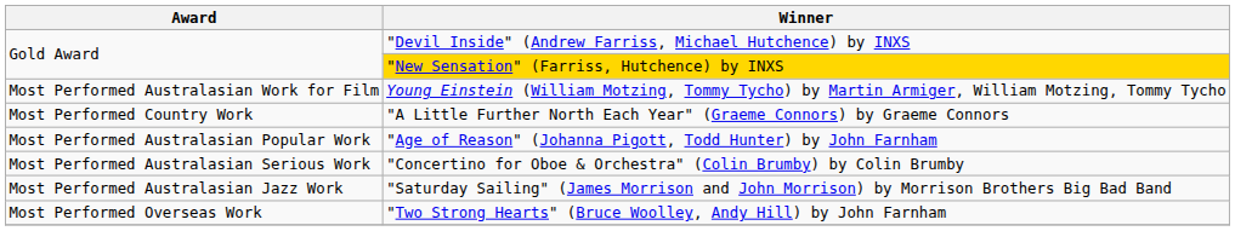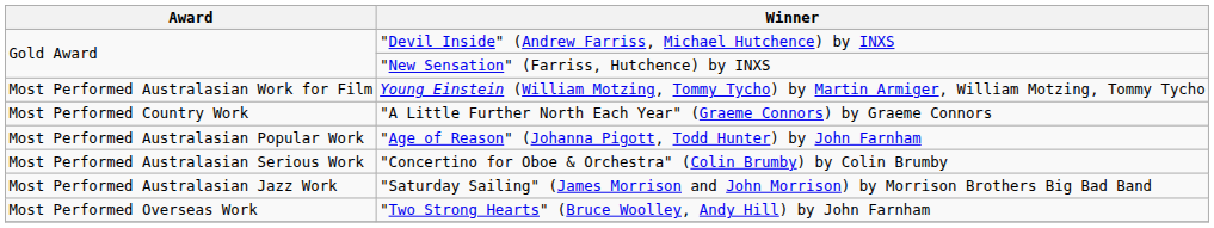 <table class="wikitable">
 <tr>
 <th>Award</th>
 <th>Winner</th>
 </tr>
 <tr>
 <td rowspan="2">Gold Award</td>
 <td>"<a href='#'>Devil Inside</a>" (<a href='#'>Andrew Farriss</a>, <a href='#'>Michael Hutchence</a>) by <a href='#'>INXS</a></td>
 </tr>
 <tr>
-<td style="background: gold;">"<a href='#'>New Sensation</a>" (Farriss, Hutchence) by INXS</td>
+<td>"<a href='#'>New Sensation</a>" (Farriss, Hutchence) by INXS</td>
 </tr>
 <tr>
 <td>Most Performed Australasian Work for Film</td>
 <td><em><a href='#'>Young Einstein</a></em> (<a href='#'>William Motzing</a>, <a href='#'>Tommy Tycho</a>) by <a href='#'>Martin Armiger</a>, William Motzing, Tommy Tycho</td>
 </tr>
 <tr>
 <td>Most Performed Country Work</td>
 <td>"A Little Further North Each Year" (<a href='#'>Graeme Connors</a>) by Graeme Connors</td>
 </tr>
 <tr>
 <td>Most Performed Australasian Popular Work</td>
 <td>"<a href='#'>Age of Reason</a>" (<a href='#'>Johanna Pigott</a>, <a href='#'>Todd Hunter</a>) by <a href='#'>John Farnham</a></td>
 </tr>
 <tr>
 <td>Most Performed Australasian Serious Work</td>
 <td>"Concertino for Oboe & Orchestra" (<a href='#'>Colin Brumby</a>) by Colin Brumby</td>
 </tr>
 <tr>
 <td>Most Performed Australasian Jazz Work</td>
 <td>"Saturday Sailing" (<a href='#'>James Morrison</a> and <a href='#'>John Morrison</a>) by Morrison Brothers Big Bad Band</td>
 </tr>
 <tr>
 <td>Most Performed Overseas Work</td>
 <td>"<a href='#'>Two Strong Hearts</a>" (<a href='#'>Bruce Woolley</a>, <a href='#'>Andy Hill</a>) by John Farnham</td>
 </tr>
 <tr>
 </tr>
 </table>
